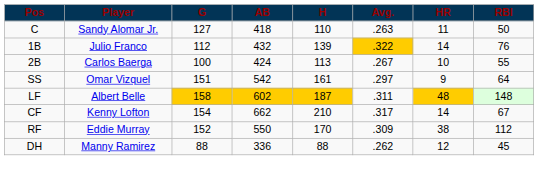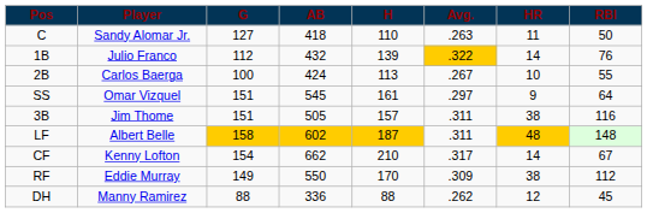 <table class="wikitable sortable">
 <tr>
 <th style="background:#023456;color:#990000;" width="9%">Pos</th>
 <th style="background:#023456;color:#990000;" width="16%">Player</th>
 <th style="background:#023456;color:#990000;" width="9%">G</th>
 <th style="background:#023456;color:#990000;" width="9%">AB</th>
 <th style="background:#023456;color:#990000;" width="9%">H</th>
 <th style="background:#023456;color:#990000;" width="9%">Avg.</th>
 <th style="background:#023456;color:#990000;" width="9%">HR</th>
 <th style="background:#023456;color:#990000;" width="9%">RBI</th>
 </tr>
 <tr align="center">
 <td>C</td>
 <td><a href='#'>Sandy Alomar Jr.</a></td>
 <td>127</td>
 <td>418</td>
 <td>110</td>
 <td>.263</td>
 <td>11</td>
 <td>50</td>
 </tr>
 <tr align="center">
 <td>1B</td>
 <td><a href='#'>Julio Franco</a></td>
 <td>112</td>
 <td>432</td>
 <td>139</td>
 <td style="background:#fc0;">.322</td>
 <td>14</td>
 <td>76</td>
 </tr>
 <tr align="center">
 <td>2B</td>
 <td><a href='#'>Carlos Baerga</a></td>
 <td>100</td>
 <td>424</td>
 <td>113</td>
 <td>.267</td>
 <td>10</td>
 <td>55</td>
 </tr>
 <tr align="center">
 <td>SS</td>
 <td><a href='#'>Omar Vizquel</a></td>
 <td>151</td>
-<td>542</td>
+<td>545</td>
 <td>161</td>
 <td>.297</td>
 <td>9</td>
 <td>64</td>
+</tr>
+<tr align="center">
+<td>3B</td>
+<td><a href='#'>Jim Thome</a></td>
+<td>151</td>
+<td>505</td>
+<td>157</td>
+<td>.311</td>
+<td>38</td>
+<td>116</td>
 </tr>
 <tr align="center">
 <td>LF</td>
 <td><a href='#'>Albert Belle</a></td>
 <td style="background:#fc0;">158</td>
 <td style="background:#fc0;">602</td>
 <td style="background:#fc0;">187</td>
 <td>.311</td>
 <td style="background:#fc0;">48</td>
 <td style="background:#DDFFDD;">148</td>
 </tr>
 <tr align="center">
 <td>CF</td>
 <td><a href='#'>Kenny Lofton</a></td>
 <td>154</td>
 <td>662</td>
 <td>210</td>
 <td>.317</td>
 <td>14</td>
 <td>67</td>
 </tr>
 <tr align="center">
 <td>RF</td>
 <td><a href='#'>Eddie Murray</a></td>
-<td>152</td>
+<td>149</td>
 <td>550</td>
 <td>170</td>
 <td>.309</td>
 <td>38</td>
 <td>112</td>
 </tr>
 <tr align="center">
 <td>DH</td>
 <td><a href='#'>Manny Ramirez</a></td>
 <td>88</td>
 <td>336</td>
 <td>88</td>
 <td>.262</td>
 <td>12</td>
 <td>45</td>
 </tr>
 </table>
